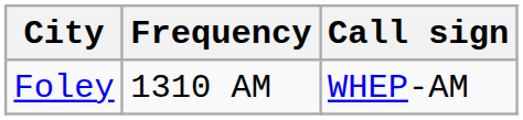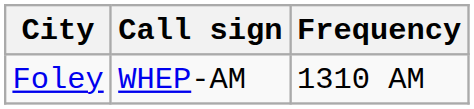 <table class="wikitable">
 <tr>
 <th>City</th>
+<th>Call sign</th>
 <th>Frequency</th>
-<th>Call sign</th>
 </tr>
 <tr>
 <td><a href='#'>Foley</a></td>
+<td><a href='#'>WHEP</a>-AM</td>
 <td>1310 AM</td>
-<td><a href='#'>WHEP</a>-AM</td>
 </tr>
 </table>
